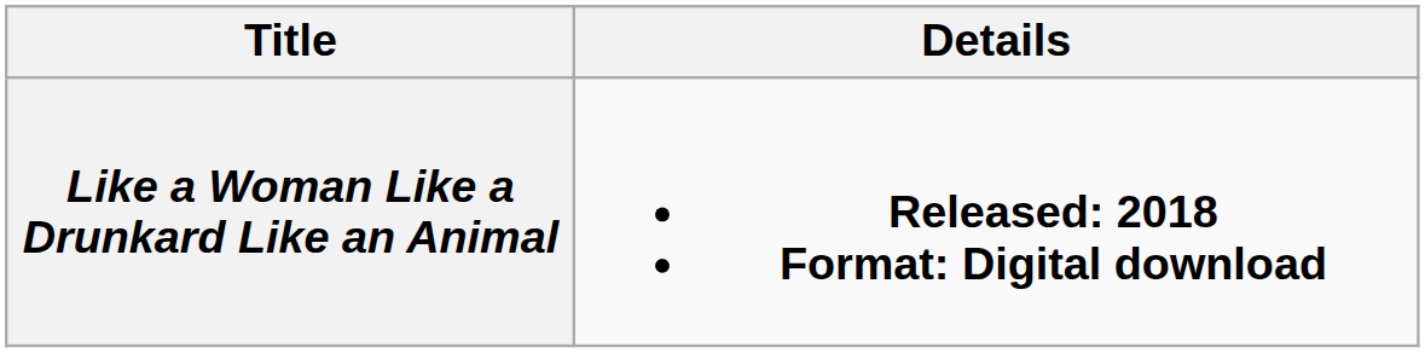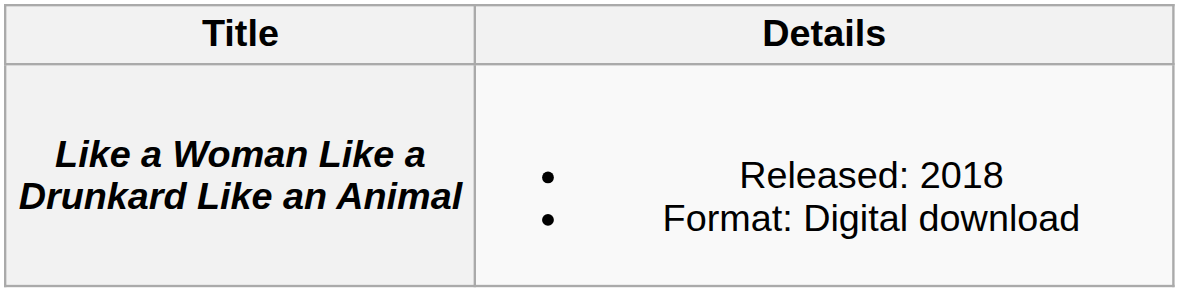 <table class="wikitable plainrowheaders" style="text-align:center">
 <tr>
 <th scope="col" style="width:12em;">Title</th>
 <th scope="col" style="width:18em;">Details</th>
 </tr>
 <tr>
 <th scope="row"><em>Like a Woman Like a Drunkard Like an Animal</em></th>
-<td><strong><br><ul><li>Released: 2018</li><li>Format: Digital download</li></ul></strong></td>
+<td><br><ul><li>Released: 2018</li><li>Format: Digital download</li></ul></td>
 </tr>
 </table>
